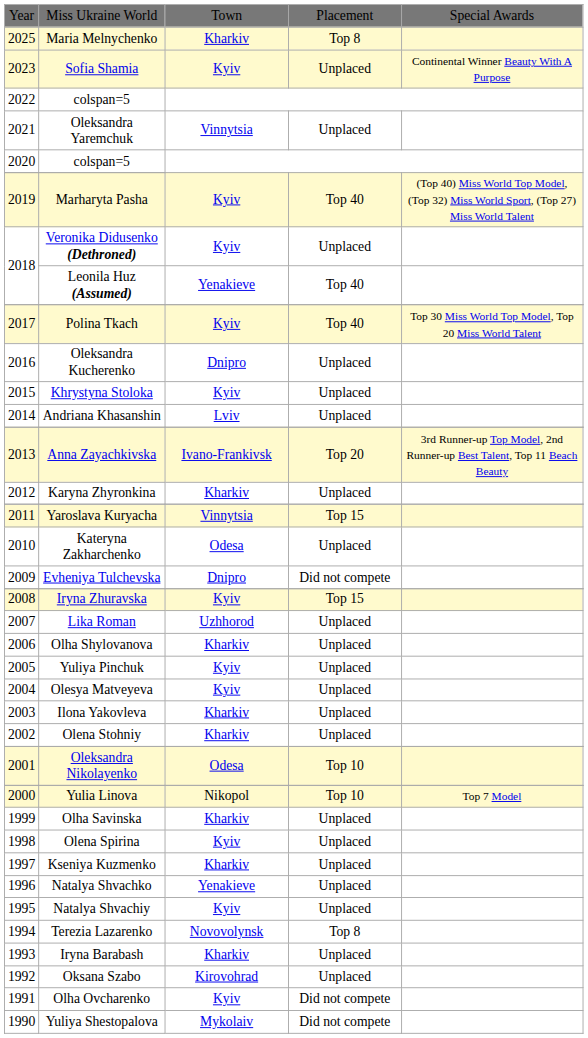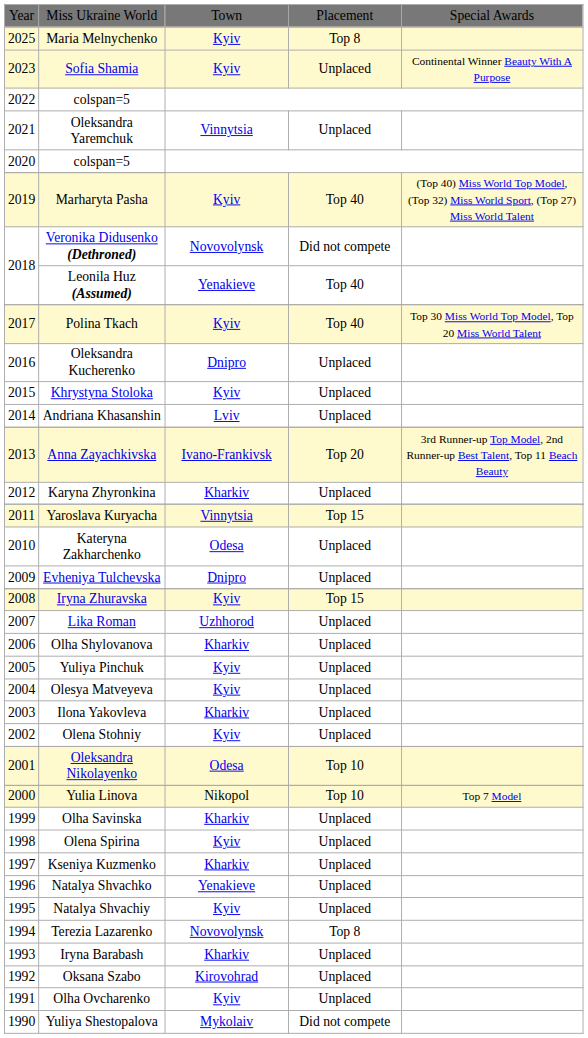 <table class="wikitable sortable" style="margin: 1em 1em 1em 0; background: #FFFFFF; border: 1px #aaa solid; border-collapse: collapse; font-size: 90%; text-align:center" cellspacing="0" cellpadding="3" border="5">
 <tr bgcolor="#787878" align="center" colspan="10">
 <td width="30"><span>Year</span></td>
 <td width="200"><span>Miss Ukraine World</span></td>
 <td width="200"><span>Town</span></td>
 <td width="200"><span>Placement</span></td>
 <td width="400"><span>Special Awards</span></td>
 </tr>
 <tr style="background-color:#FFFACD;">
 <td>2025</td>
 <td>Maria Melnychenko</td>
-<td><a href='#'>Kharkiv</a></td>
+<td><a href='#'>Kyiv</a></td>
 <td>Top 8</td>
 <td></td>
 </tr>
 <tr style="background-color:#FFFACD;">
 <td>2023</td>
 <td><a href='#'>Sofia Shamia</a></td>
 <td><a href='#'>Kyiv</a></td>
 <td>Unplaced</td>
 <td><small>Continental Winner <a href='#'>Beauty With A Purpose</a></small></td>
 </tr>
 <tr>
 <td>2022</td>
 <td>colspan=5 </td>
 </tr>
 <tr>
 <td>2021</td>
 <td>Oleksandra Yaremchuk</td>
 <td><a href='#'>Vinnytsia</a></td>
 <td>Unplaced</td>
 <td></td>
 </tr>
 <tr>
 <td>2020</td>
 <td>colspan=5 </td>
 </tr>
 <tr>
 </tr>
 <tr style="background-color:#FFFACD;">
 <td>2019</td>
 <td>Marharyta Pasha</td>
 <td><a href='#'>Kyiv</a></td>
 <td>Top 40</td>
 <td><small>(Top 40) <a href='#'>Miss World Top Model</a>, (Top 32) <a href='#'>Miss World Sport</a>, (Top 27) <a href='#'>Miss World Talent</a></small></td>
 </tr>
 <tr>
 <td rowspan="2">2018</td>
 <td><a href='#'>Veronika Didusenko</a> <strong><em>(Dethroned)</em></strong></td>
-<td><a href='#'>Kyiv</a></td>
-<td>Unplaced</td>
+<td><a href='#'>Novovolynsk</a></td>
+<td>Did not compete</td>
 <td></td>
 </tr>
 <tr>
 <td>Leonila Huz <strong><em>(Assumed)</em></strong></td>
 <td><a href='#'>Yenakieve</a></td>
 <td>Top 40</td>
 <td></td>
 </tr>
 <tr>
 </tr>
 <tr style="background-color:#FFFACD;">
 <td>2017</td>
 <td>Polina Tkach</td>
 <td><a href='#'>Kyiv</a></td>
 <td>Top 40</td>
 <td><small>Top 30 <a href='#'>Miss World Top Model</a>, Top 20 <a href='#'>Miss World Talent</a></small></td>
 </tr>
 <tr>
 <td>2016</td>
 <td>Oleksandra Kucherenko</td>
 <td><a href='#'>Dnipro</a></td>
 <td>Unplaced</td>
 <td></td>
 </tr>
 <tr>
 <td>2015</td>
 <td><a href='#'>Khrystyna Stoloka</a></td>
 <td><a href='#'>Kyiv</a></td>
 <td>Unplaced</td>
 <td></td>
 </tr>
 <tr>
 <td>2014</td>
 <td>Andriana Khasanshin</td>
 <td><a href='#'>Lviv</a></td>
 <td>Unplaced</td>
 <td></td>
 </tr>
 <tr>
 </tr>
 <tr style="background-color:#FFFACD;">
 <td>2013</td>
 <td><a href='#'>Anna Zayachkivska</a></td>
 <td><a href='#'>Ivano-Frankivsk</a></td>
 <td>Top 20</td>
 <td><small>3rd Runner-up <a href='#'>Top Model</a>, 2nd Runner-up <a href='#'>Best Talent</a>, Top 11 <a href='#'>Beach Beauty</a></small></td>
 </tr>
 <tr>
 <td>2012</td>
 <td>Karyna Zhyronkina</td>
 <td><a href='#'>Kharkiv</a></td>
 <td>Unplaced</td>
 <td></td>
 </tr>
 <tr>
 </tr>
 <tr style="background-color:#FFFACD;">
 <td>2011</td>
 <td>Yaroslava Kuryacha</td>
 <td><a href='#'>Vinnytsia</a></td>
 <td>Top 15</td>
 <td></td>
 </tr>
 <tr>
 <td>2010</td>
 <td>Kateryna Zakharchenko</td>
 <td><a href='#'>Odesa</a></td>
 <td>Unplaced</td>
 <td></td>
 </tr>
 <tr>
 <td>2009</td>
 <td><a href='#'>Evheniya Tulchevska</a></td>
 <td><a href='#'>Dnipro</a></td>
-<td>Did not compete</td>
+<td>Unplaced</td>
 <td></td>
 </tr>
 <tr>
 </tr>
 <tr style="background-color:#FFFACD;">
 <td>2008</td>
 <td><a href='#'>Iryna Zhuravska</a></td>
 <td><a href='#'>Kyiv</a></td>
 <td>Top 15</td>
 <td></td>
 </tr>
 <tr>
 <td>2007</td>
 <td><a href='#'>Lika Roman</a></td>
 <td><a href='#'>Uzhhorod</a></td>
 <td>Unplaced</td>
 <td></td>
 </tr>
 <tr>
 <td>2006</td>
 <td>Olha Shylovanova</td>
 <td><a href='#'>Kharkiv</a></td>
 <td>Unplaced</td>
 <td></td>
 </tr>
 <tr>
 <td>2005</td>
 <td>Yuliya Pinchuk</td>
 <td><a href='#'>Kyiv</a></td>
 <td>Unplaced</td>
 <td></td>
 </tr>
 <tr>
 <td>2004</td>
 <td>Olesya Matveyeva</td>
 <td><a href='#'>Kyiv</a></td>
 <td>Unplaced</td>
 <td></td>
 </tr>
 <tr>
 <td>2003</td>
 <td>Ilona Yakovleva</td>
 <td><a href='#'>Kharkiv</a></td>
 <td>Unplaced</td>
 <td></td>
 </tr>
 <tr>
 <td>2002</td>
 <td>Olena Stohniy</td>
-<td><a href='#'>Kharkiv</a></td>
+<td><a href='#'>Kyiv</a></td>
 <td>Unplaced</td>
 <td></td>
 </tr>
 <tr>
 </tr>
 <tr style="background-color:#FFFACD;">
 <td>2001</td>
 <td><a href='#'>Oleksandra Nikolayenko</a></td>
 <td><a href='#'>Odesa</a></td>
 <td>Top 10</td>
 <td></td>
 </tr>
 <tr>
 </tr>
 <tr style="background-color:#FFFACD;">
 <td>2000</td>
 <td>Yulia Linova</td>
 <td>Nikopol</td>
 <td>Top 10</td>
 <td><small> Top 7 <a href='#'>Model</a></small></td>
 </tr>
 <tr>
 <td>1999</td>
 <td>Olha Savinska</td>
 <td><a href='#'>Kharkiv</a></td>
 <td>Unplaced</td>
 <td></td>
 </tr>
 <tr>
 <td>1998</td>
 <td>Olena Spirina</td>
 <td><a href='#'>Kyiv</a></td>
 <td>Unplaced</td>
 <td></td>
 </tr>
 <tr>
 <td>1997</td>
 <td>Kseniya Kuzmenko</td>
 <td><a href='#'>Kharkiv</a></td>
 <td>Unplaced</td>
 <td></td>
 </tr>
 <tr>
 <td>1996</td>
 <td>Natalya Shvachko</td>
 <td><a href='#'>Yenakieve</a></td>
 <td>Unplaced</td>
 <td></td>
 </tr>
 <tr>
 <td>1995</td>
 <td>Natalya Shvachiy</td>
 <td><a href='#'>Kyiv</a></td>
 <td>Unplaced</td>
 <td></td>
 </tr>
 <tr>
 <td>1994</td>
 <td>Terezia Lazarenko</td>
 <td><a href='#'>Novovolynsk</a></td>
 <td>Top 8</td>
 <td></td>
 </tr>
 <tr>
 <td>1993</td>
 <td>Iryna Barabash</td>
 <td><a href='#'>Kharkiv</a></td>
 <td>Unplaced</td>
 <td></td>
 </tr>
 <tr>
 <td>1992</td>
 <td>Oksana Szabo</td>
 <td><a href='#'>Kirovohrad</a></td>
 <td>Unplaced</td>
 <td></td>
 </tr>
 <tr>
 <td>1991</td>
 <td>Olha Ovcharenko</td>
 <td><a href='#'>Kyiv</a></td>
-<td>Did not compete</td>
+<td>Unplaced</td>
 <td></td>
 </tr>
 <tr>
 <td>1990</td>
 <td>Yuliya Shestopalova</td>
 <td><a href='#'>Mykolaiv</a></td>
 <td>Did not compete</td>
 <td></td>
 </tr>
 </table>
